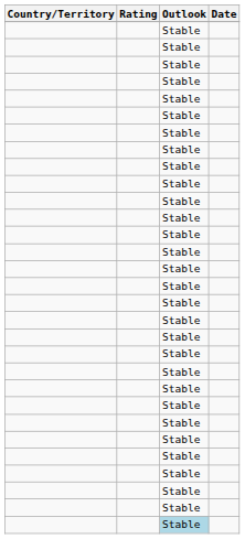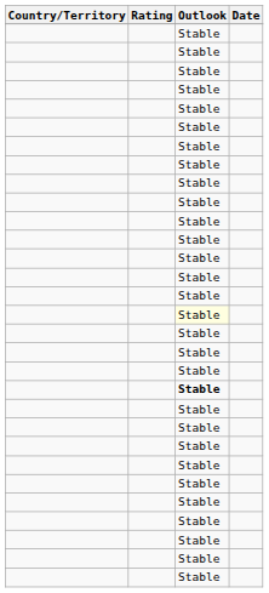 <table class="wikitable sortable static-row-numbers static-row-header-text" style="text-align:center;">
 <tr>
 <th data-sort-type=text>Country/Territory</th>
 <th data-sort-type=number>Rating</th>
 <th data-sort-type=text>Outlook</th>
 <th>Date</th>
 </tr>
 <tr>
 </tr>
 <tr>
 <td></td>
 <td data-sort-value=4></td>
 <td style="text-align:right;" data-sort-value=2>Stable </td>
 <td></td>
 </tr>
 <tr>
 <td></td>
 <td data-sort-value=18></td>
 <td style="text-align:right;" data-sort-value=2>Stable </td>
 <td></td>
 </tr>
 <tr>
 <td></td>
 <td data-sort-value=7></td>
 <td style="text-align:right;" data-sort-value=2>Stable </td>
 <td></td>
 </tr>
 <tr>
 <td></td>
 <td data-sort-value=11></td>
 <td style="text-align:right;" data-sort-value=2>Stable </td>
 <td></td>
 </tr>
 <tr>
 <td></td>
 <td data-sort-value=20></td>
 <td style="text-align:right;" data-sort-value=2>Stable </td>
 <td></td>
 </tr>
 <tr>
 <td></td>
 <td data-sort-value=2></td>
 <td style="text-align:right;" data-sort-value=2>Stable </td>
 <td></td>
 </tr>
 <tr>
 <td></td>
 <td data-sort-value=2></td>
 <td style="text-align:right;" data-sort-value=2>Stable </td>
 <td></td>
 </tr>
 <tr>
 <td></td>
 <td data-sort-value=18></td>
 <td style="text-align:right;" data-sort-value=2>Stable </td>
 <td></td>
 </tr>
 <tr>
 <td></td>
 <td data-sort-value=7></td>
 <td style="text-align:right;" data-sort-value=2>Stable </td>
 <td></td>
 </tr>
 <tr>
 <td></td>
 <td data-sort-value=4></td>
 <td style="text-align:right;" data-sort-value=2>Stable </td>
 <td></td>
 </tr>
 <tr>
 <td></td>
 <td data-sort-value=15></td>
 <td style="text-align:right;" data-sort-value=2>Stable </td>
 <td></td>
 </tr>
 <tr>
 <td></td>
 <td data-sort-value=7></td>
 <td style="text-align:right;" data-sort-value=2>Stable </td>
 <td></td>
 </tr>
 <tr>
 <td></td>
 <td data-sort-value=7></td>
 <td style="text-align:right;" data-sort-value=2>Stable </td>
 <td></td>
 </tr>
 <tr>
 <td></td>
 <td data-sort-value=12></td>
 <td style="text-align:right;" data-sort-value=2>Stable </td>
 <td></td>
 </tr>
 <tr>
 <td></td>
 <td data-sort-value=2></td>
 <td style="text-align:right;" data-sort-value=2>Stable </td>
 <td></td>
 </tr>
 <tr>
 <td></td>
 <td data-sort-value=12></td>
-<td style="text-align:right;" data-sort-value=2>Stable </td>
+<td style="background: lightyellow; text-align:right;" data-sort-value=2>Stable </td>
 <td></td>
 </tr>
 <tr>
 <td></td>
 <td data-sort-value=19></td>
 <td style="text-align:right;" data-sort-value=2>Stable </td>
 <td></td>
 </tr>
 <tr>
 <td></td>
 <td data-sort-value=2></td>
 <td style="text-align:right;" data-sort-value=2>Stable </td>
 <td></td>
 </tr>
 <tr>
 <td></td>
 <td data-sort-value=21></td>
 <td style="text-align:right;" data-sort-value=2>Stable </td>
 <td></td>
 </tr>
 <tr>
 <td></td>
 <td data-sort-value=12></td>
-<td style="text-align:right;" data-sort-value=2>Stable </td>
+<td style="text-align:right;" data-sort-value=2><strong>Stable </strong></td>
 <td></td>
 </tr>
 <tr>
 <td></td>
 <td data-sort-value=4></td>
 <td style="text-align:right;" data-sort-value=2>Stable </td>
 <td></td>
 </tr>
 <tr>
 <td></td>
 <td data-sort-value=1></td>
 <td style="text-align:right;" data-sort-value=2>Stable </td>
 <td></td>
 </tr>
 <tr>
 <td></td>
 <td data-sort-value=9></td>
 <td style="text-align:right;" data-sort-value=2>Stable </td>
 <td></td>
 </tr>
 <tr>
 <td></td>
 <td data-sort-value=16></td>
 <td style="text-align:right;" data-sort-value=2>Stable </td>
 <td></td>
 </tr>
 <tr>
 <td></td>
 <td data-sort-value=12></td>
 <td style="text-align:right;" data-sort-value=2>Stable </td>
 <td></td>
 </tr>
 <tr>
 <td></td>
 <td data-sort-value=1></td>
 <td style="text-align:right;" data-sort-value=2>Stable </td>
 <td></td>
 </tr>
 <tr>
 <td></td>
 <td data-sort-value=10></td>
 <td style="text-align:right;" data-sort-value=2>Stable </td>
 <td></td>
 </tr>
 <tr>
 <td></td>
 <td data-sort-value=9></td>
 <td style="text-align:right;" data-sort-value=2>Stable </td>
 <td></td>
 </tr>
 <tr>
 <td></td>
 <td data-sort-value=2></td>
 <td style="text-align:right;" data-sort-value=2>Stable </td>
 <td></td>
 </tr>
 <tr>
 <td></td>
 <td data-sort-value=16></td>
-<td style="background: lightblue; text-align:right;" data-sort-value=2>Stable </td>
+<td style="text-align:right;" data-sort-value=2>Stable </td>
 <td></td>
 </tr>
 </table>
